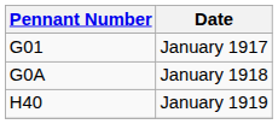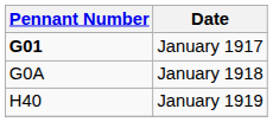 <table class="wikitable" style="text-align:left">
 <tr>
 <th><a href='#'>Pennant Number</a></th>
 <th>Date</th>
 </tr>
 <tr>
-<td>G01</td>
+<td><strong>G01</strong></td>
 <td>January 1917</td>
 </tr>
 <tr>
 <td>G0A</td>
 <td>January 1918</td>
 </tr>
 <tr>
 <td>H40</td>
 <td>January 1919</td>
 </tr>
 <tr>
 </tr>
 </table>
